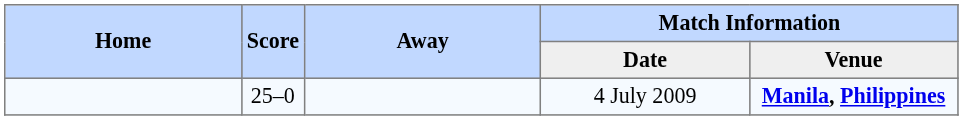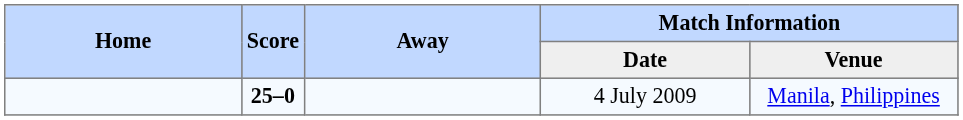 <table border=1 style="border-collapse:collapse; font-size:90%; text-align:center;" cellpadding=3 cellspacing=0 width=100%>
 <tr bgcolor=#C1D8FF>
 <th rowspan=2 width=25%>Home</th>
 <th rowspan=2 width=6%>Score</th>
 <th rowspan=2 width=25%>Away</th>
 <th colspan=6>Match Information</th>
 </tr>
 <tr bgcolor=#EFEFEF>
 <th width=22%>Date</th>
 <th width=22%>Venue</th>
 </tr>
 <tr bgcolor=#F5FAFF>
 <td align=right><strong></strong></td>
-<td>25–0</td>
+<td><strong>25–0</strong></td>
 <td align=left></td>
 <td>4 July 2009</td>
-<td><strong><a href='#'>Manila</a>, <a href='#'>Philippines</a></strong></td>
+<td><a href='#'>Manila</a>, <a href='#'>Philippines</a></td>
 </tr>
 </table>
